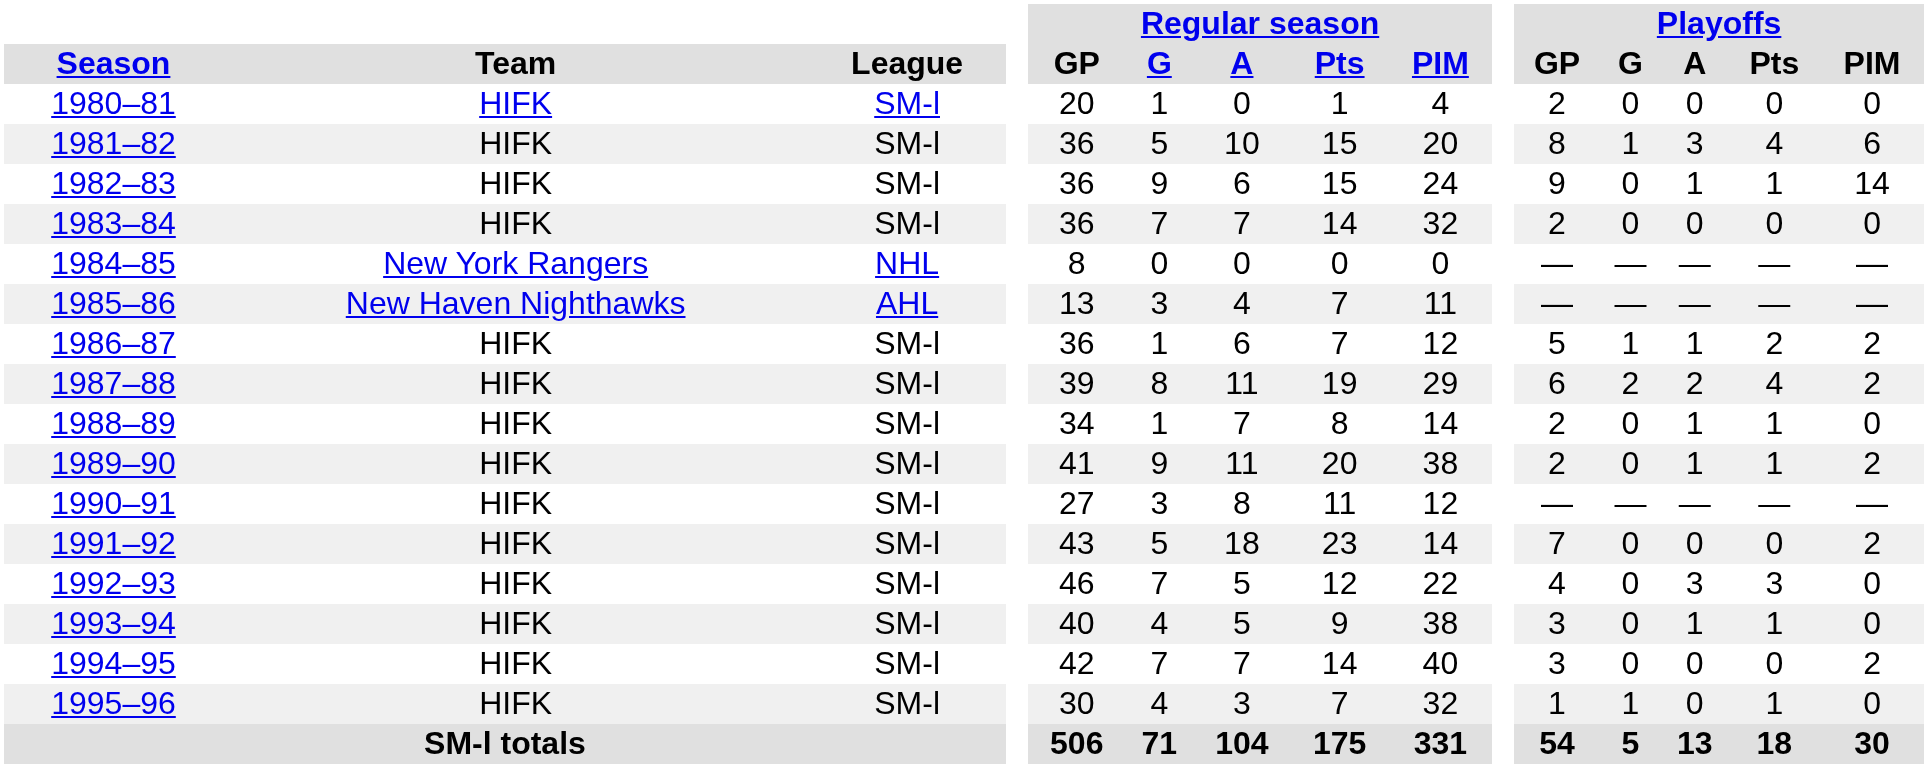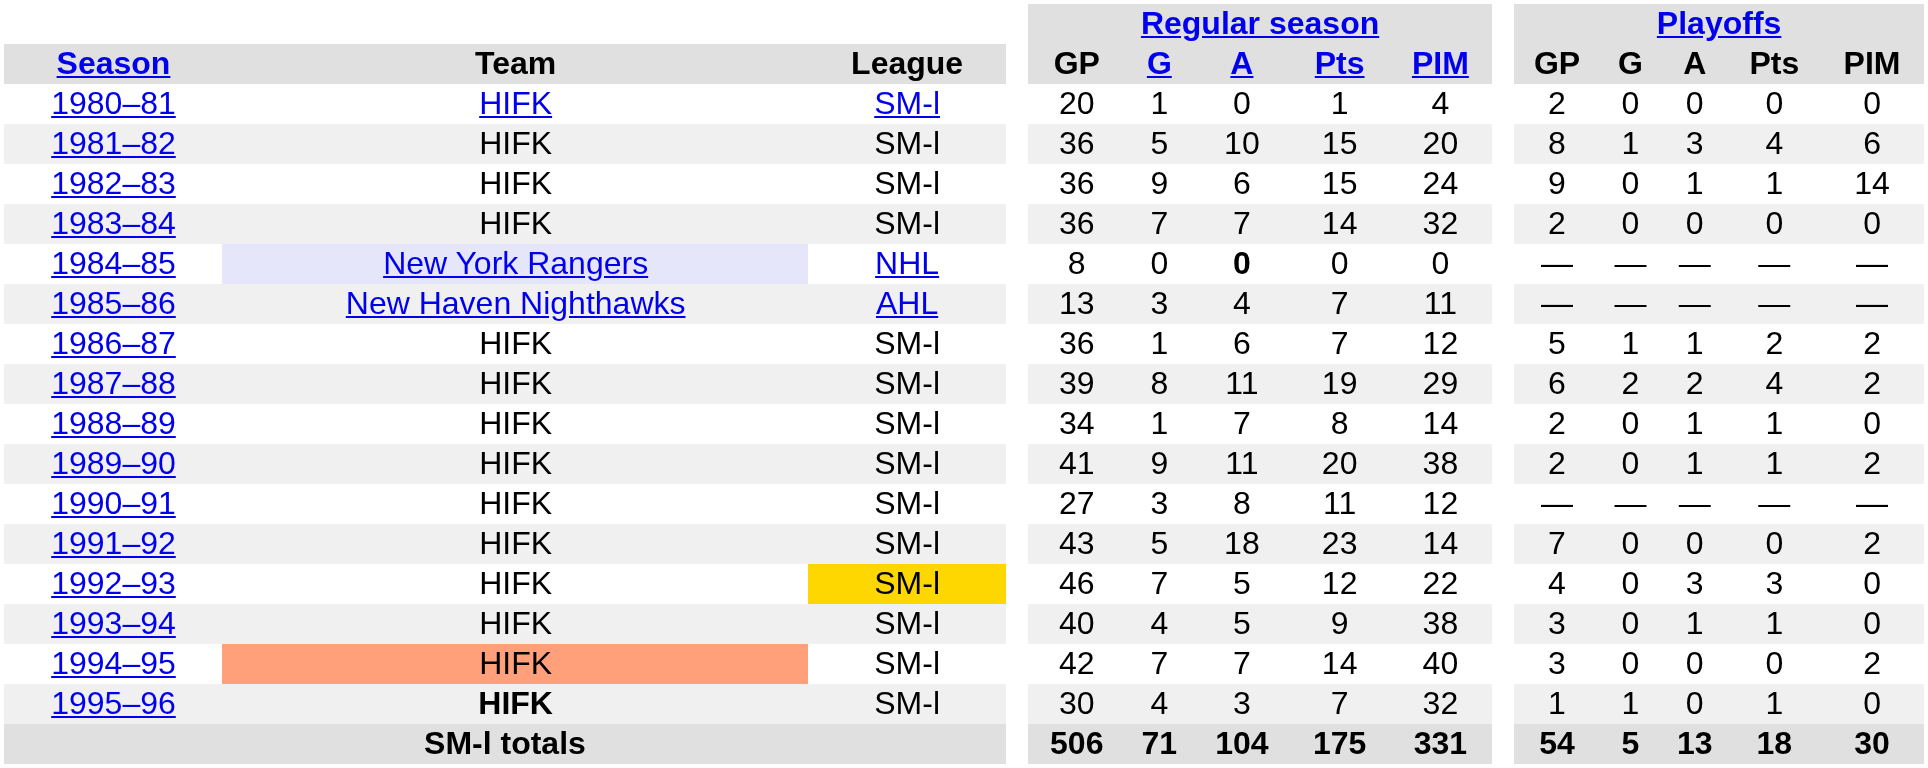 <table border="0" cellpadding="1" cellspacing="0" style="text-align:center; width:60em">
 <tr bgcolor="#e0e0e0">
 <th colspan="3" bgcolor="#ffffff"> </th>
 <th rowspan="99" bgcolor="#ffffff"> </th>
 <th colspan="5"><a href='#'>Regular season</a></th>
 <th rowspan="99" bgcolor="#ffffff"> </th>
 <th colspan="5"><a href='#'>Playoffs</a></th>
 </tr>
 <tr bgcolor="#e0e0e0">
 <th><a href='#'>Season</a></th>
 <th>Team</th>
 <th>League</th>
 <th>GP</th>
 <th><a href='#'>G</a></th>
 <th><a href='#'>A</a></th>
 <th><a href='#'>Pts</a></th>
 <th><a href='#'>PIM</a></th>
 <th>GP</th>
 <th>G</th>
 <th>A</th>
 <th>Pts</th>
 <th>PIM</th>
 </tr>
 <tr>
 <td><a href='#'>1980–81</a></td>
 <td><a href='#'>HIFK</a></td>
 <td><a href='#'>SM-l</a></td>
 <td>20</td>
 <td>1</td>
 <td>0</td>
 <td>1</td>
 <td>4</td>
 <td>2</td>
 <td>0</td>
 <td>0</td>
 <td>0</td>
 <td>0</td>
 </tr>
 <tr bgcolor="#f0f0f0">
 <td><a href='#'>1981–82</a></td>
 <td>HIFK</td>
 <td>SM-l</td>
 <td>36</td>
 <td>5</td>
 <td>10</td>
 <td>15</td>
 <td>20</td>
 <td>8</td>
 <td>1</td>
 <td>3</td>
 <td>4</td>
 <td>6</td>
 </tr>
 <tr>
 <td><a href='#'>1982–83</a></td>
 <td>HIFK</td>
 <td>SM-l</td>
 <td>36</td>
 <td>9</td>
 <td>6</td>
 <td>15</td>
 <td>24</td>
 <td>9</td>
 <td>0</td>
 <td>1</td>
 <td>1</td>
 <td>14</td>
 </tr>
 <tr bgcolor="#f0f0f0">
 <td><a href='#'>1983–84</a></td>
 <td>HIFK</td>
 <td>SM-l</td>
 <td>36</td>
 <td>7</td>
 <td>7</td>
 <td>14</td>
 <td>32</td>
 <td>2</td>
 <td>0</td>
 <td>0</td>
 <td>0</td>
 <td>0</td>
 </tr>
 <tr>
 <td><a href='#'>1984–85</a></td>
-<td><a href='#'>New York Rangers</a></td>
+<td style="background: lavender;"><a href='#'>New York Rangers</a></td>
 <td><a href='#'>NHL</a></td>
 <td>8</td>
 <td>0</td>
-<td>0</td>
+<td><strong>0</strong></td>
 <td>0</td>
 <td>0</td>
 <td>—</td>
 <td>—</td>
 <td>—</td>
 <td>—</td>
 <td>—</td>
 </tr>
 <tr bgcolor="#f0f0f0">
 <td><a href='#'>1985–86</a></td>
 <td><a href='#'>New Haven Nighthawks</a></td>
 <td><a href='#'>AHL</a></td>
 <td>13</td>
 <td>3</td>
 <td>4</td>
 <td>7</td>
 <td>11</td>
 <td>—</td>
 <td>—</td>
 <td>—</td>
 <td>—</td>
 <td>—</td>
 </tr>
 <tr>
 <td><a href='#'>1986–87</a></td>
 <td>HIFK</td>
 <td>SM-l</td>
 <td>36</td>
 <td>1</td>
 <td>6</td>
 <td>7</td>
 <td>12</td>
 <td>5</td>
 <td>1</td>
 <td>1</td>
 <td>2</td>
 <td>2</td>
 </tr>
 <tr bgcolor="#f0f0f0">
 <td><a href='#'>1987–88</a></td>
 <td>HIFK</td>
 <td>SM-l</td>
 <td>39</td>
 <td>8</td>
 <td>11</td>
 <td>19</td>
 <td>29</td>
 <td>6</td>
 <td>2</td>
 <td>2</td>
 <td>4</td>
 <td>2</td>
 </tr>
 <tr>
 <td><a href='#'>1988–89</a></td>
 <td>HIFK</td>
 <td>SM-l</td>
 <td>34</td>
 <td>1</td>
 <td>7</td>
 <td>8</td>
 <td>14</td>
 <td>2</td>
 <td>0</td>
 <td>1</td>
 <td>1</td>
 <td>0</td>
 </tr>
 <tr bgcolor="#f0f0f0">
 <td><a href='#'>1989–90</a></td>
 <td>HIFK</td>
 <td>SM-l</td>
 <td>41</td>
 <td>9</td>
 <td>11</td>
 <td>20</td>
 <td>38</td>
 <td>2</td>
 <td>0</td>
 <td>1</td>
 <td>1</td>
 <td>2</td>
 </tr>
 <tr>
 <td><a href='#'>1990–91</a></td>
 <td>HIFK</td>
 <td>SM-l</td>
 <td>27</td>
 <td>3</td>
 <td>8</td>
 <td>11</td>
 <td>12</td>
 <td>—</td>
 <td>—</td>
 <td>—</td>
 <td>—</td>
 <td>—</td>
 </tr>
 <tr bgcolor="#f0f0f0">
 <td><a href='#'>1991–92</a></td>
 <td>HIFK</td>
 <td>SM-l</td>
 <td>43</td>
 <td>5</td>
 <td>18</td>
 <td>23</td>
 <td>14</td>
 <td>7</td>
 <td>0</td>
 <td>0</td>
 <td>0</td>
 <td>2</td>
 </tr>
 <tr>
 <td><a href='#'>1992–93</a></td>
 <td>HIFK</td>
-<td>SM-l</td>
+<td style="background: gold;">SM-l</td>
 <td>46</td>
 <td>7</td>
 <td>5</td>
 <td>12</td>
 <td>22</td>
 <td>4</td>
 <td>0</td>
 <td>3</td>
 <td>3</td>
 <td>0</td>
 </tr>
 <tr bgcolor="#f0f0f0">
 <td><a href='#'>1993–94</a></td>
 <td>HIFK</td>
 <td>SM-l</td>
 <td>40</td>
 <td>4</td>
 <td>5</td>
 <td>9</td>
 <td>38</td>
 <td>3</td>
 <td>0</td>
 <td>1</td>
 <td>1</td>
 <td>0</td>
 </tr>
 <tr>
 <td><a href='#'>1994–95</a></td>
-<td>HIFK</td>
+<td style="background: lightsalmon;">HIFK</td>
 <td>SM-l</td>
 <td>42</td>
 <td>7</td>
 <td>7</td>
 <td>14</td>
 <td>40</td>
 <td>3</td>
 <td>0</td>
 <td>0</td>
 <td>0</td>
 <td>2</td>
 </tr>
 <tr bgcolor="#f0f0f0">
 <td><a href='#'>1995–96</a></td>
-<td>HIFK</td>
+<td><strong>HIFK</strong></td>
 <td>SM-l</td>
 <td>30</td>
 <td>4</td>
 <td>3</td>
 <td>7</td>
 <td>32</td>
 <td>1</td>
 <td>1</td>
 <td>0</td>
 <td>1</td>
 <td>0</td>
 </tr>
 <tr bgcolor="#e0e0e0">
 <th colspan="3">SM-l totals</th>
 <th>506</th>
 <th>71</th>
 <th>104</th>
 <th>175</th>
 <th>331</th>
 <th>54</th>
 <th>5</th>
 <th>13</th>
 <th>18</th>
 <th>30</th>
 </tr>
 </table>
